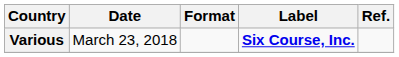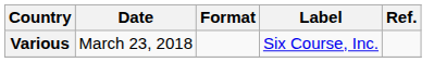 <table class="wikitable plainrowheaders">
 <tr>
 <th scope="col">Country</th>
 <th scope="col">Date</th>
 <th scope="col">Format</th>
 <th scope="col">Label</th>
 <th scope="col">Ref.</th>
 </tr>
 <tr>
 <th scope="row">Various</th>
 <td>March 23, 2018</td>
 <td></td>
-<td><strong><a href='#'>Six Course, Inc.</a></strong></td>
+<td><a href='#'>Six Course, Inc.</a></td>
 <td></td>
 </tr>
 <tr>
 </tr>
 </table>
